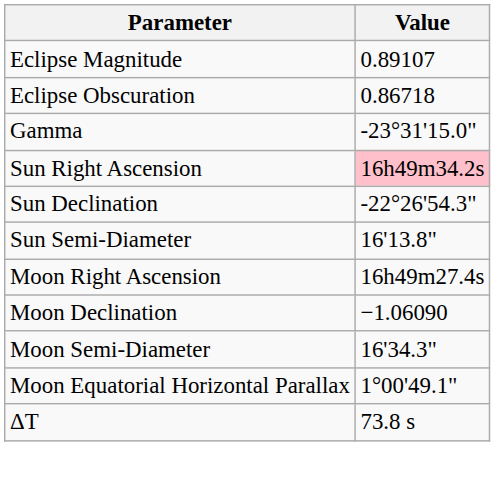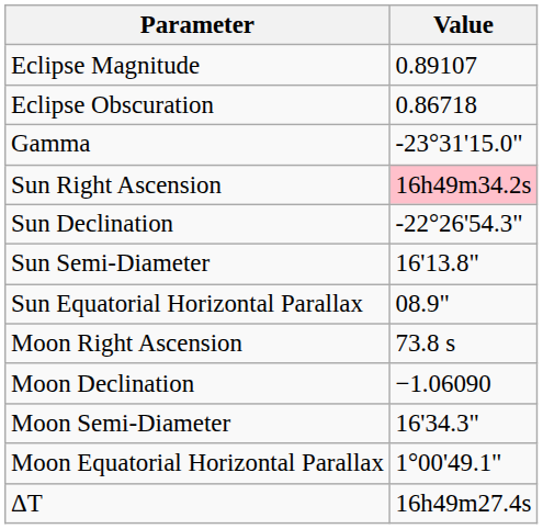 <table class="wikitable">
 <tr>
 <th>Parameter</th>
 <th>Value</th>
 </tr>
 <tr>
 <td>Eclipse Magnitude</td>
 <td>0.89107</td>
 </tr>
 <tr>
 <td>Eclipse Obscuration</td>
 <td>0.86718</td>
 </tr>
 <tr>
 <td>Gamma</td>
 <td>-23°31'15.0"</td>
 </tr>
 <tr>
 <td>Sun Right Ascension</td>
 <td style="background: pink;">16h49m34.2s</td>
 </tr>
 <tr>
 <td>Sun Declination</td>
 <td>-22°26'54.3"</td>
 </tr>
 <tr>
 <td>Sun Semi-Diameter</td>
 <td>16'13.8"</td>
 </tr>
 <tr>
+<td>Sun Equatorial Horizontal Parallax</td>
+<td>08.9"</td>
+</tr>
+<tr>
 <td>Moon Right Ascension</td>
-<td>16h49m27.4s</td>
+<td>73.8 s</td>
 </tr>
 <tr>
 <td>Moon Declination</td>
 <td>−1.06090</td>
 </tr>
 <tr>
 <td>Moon Semi-Diameter</td>
 <td>16'34.3"</td>
 </tr>
 <tr>
 <td>Moon Equatorial Horizontal Parallax</td>
 <td>1°00'49.1"</td>
 </tr>
 <tr>
 <td>ΔT</td>
-<td>73.8 s</td>
+<td>16h49m27.4s</td>
 </tr>
 </table>
